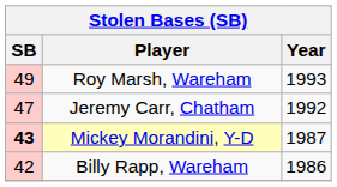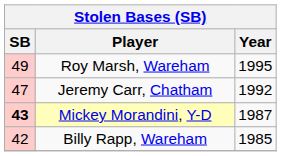 <table class="wikitable" style="display: inline-table; margin-right: 20px; text-align:center">
 <tr>
 <th colspan="3"><a href='#'>Stolen Bases (SB)</a></th>
 </tr>
 <tr>
 <th scope="col" style="width: 25px;">SB</th>
 <th scope="col" style="width: 200px;">Player</th>
 <th scope="col" style="width: 25px;">Year</th>
 </tr>
 <tr>
 <td bgcolor=#ffcccc>49</td>
 <td>Roy Marsh, <a href='#'>Wareham</a></td>
-<td>1993</td>
+<td>1995</td>
 </tr>
 <tr>
 <td bgcolor=#ffcccc>47</td>
 <td>Jeremy Carr, <a href='#'>Chatham</a></td>
 <td>1992</td>
 </tr>
 <tr>
 <td bgcolor=#ffcccc><strong>43</strong></td>
 <td !scope="row" style="background:#ffb;"><a href='#'>Mickey Morandini</a>, <a href='#'>Y-D</a></td>
 <td>1987</td>
 </tr>
 <tr>
 <td bgcolor=#ffcccc>42</td>
 <td>Billy Rapp, <a href='#'>Wareham</a></td>
-<td>1986</td>
+<td>1985</td>
 </tr>
 <tr>
 </tr>
 </table>
